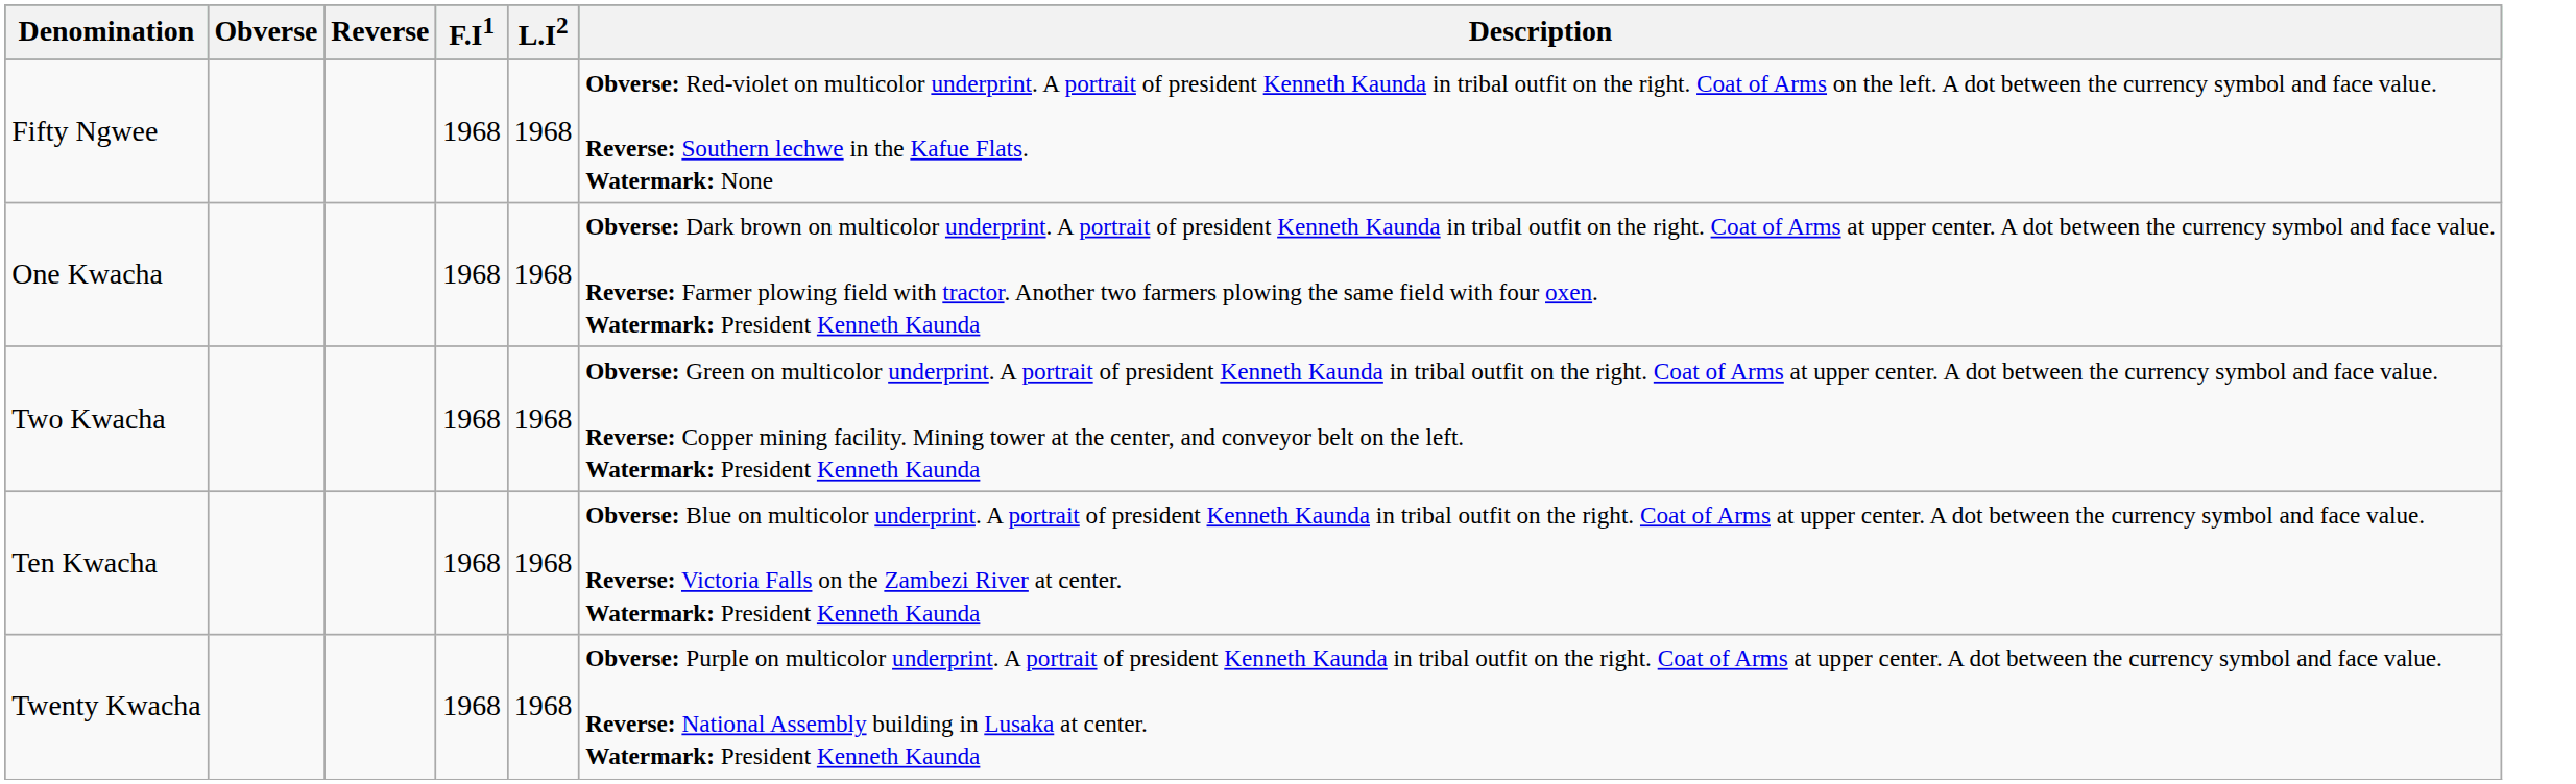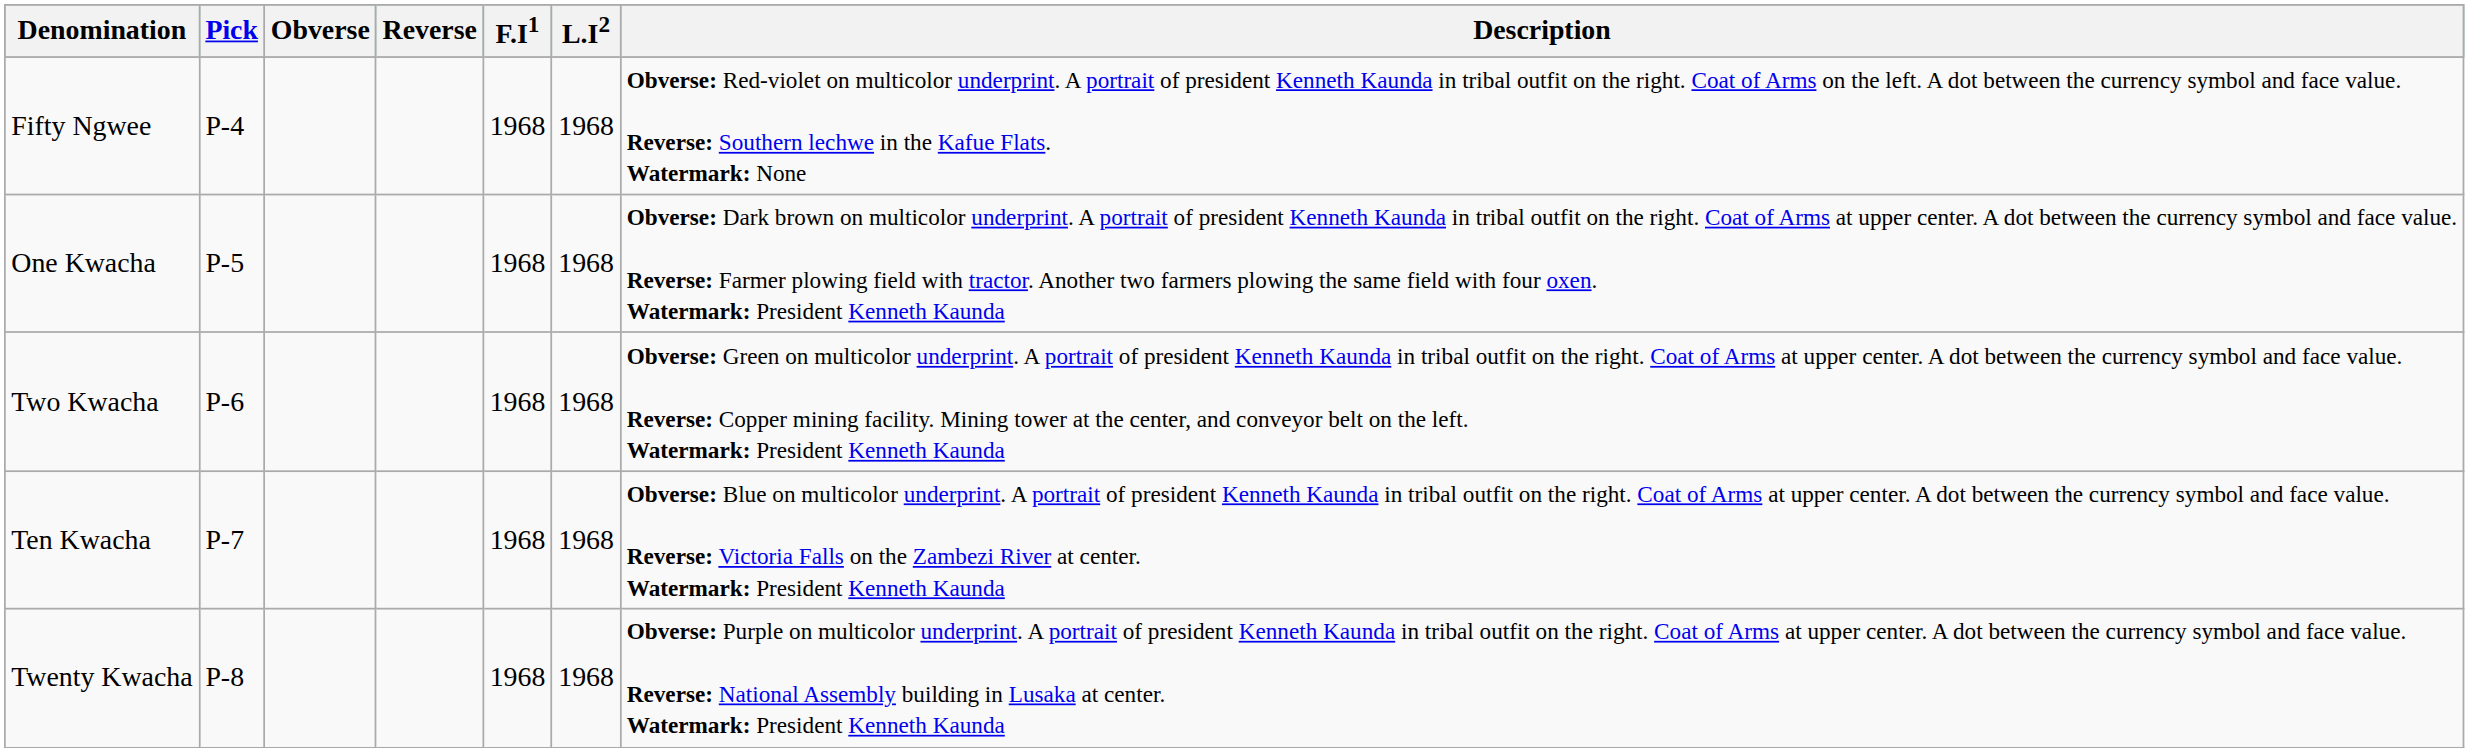 <table class="wikitable">
 <tr style="background:#2E8B57;">
 <th>Denomination</th>
+<th><a href='#'>Pick</a></th>
 <th>Obverse</th>
 <th>Reverse</th>
 <th>F.I<sup>1</sup></th>
 <th>L.I<sup>2</sup></th>
 <th>Description</th>
 </tr>
 <tr>
 <td>Fifty Ngwee</td>
+<td>P-4</td>
 <td></td>
 <td></td>
 <td>1968</td>
 <td>1968</td>
 <td><small><strong>Obverse:</strong> Red-violet on multicolor <a href='#'>underprint</a>. A <a href='#'>portrait</a> of president <a href='#'>Kenneth Kaunda</a> in tribal outfit on the right. <a href='#'>Coat of Arms</a> on the left. A dot between the currency symbol and face value.</small><br><br><small><strong>Reverse:</strong> <a href='#'>Southern lechwe</a> in the <a href='#'>Kafue Flats</a>.</small><br> <small><strong>Watermark:</strong> None</small></td>
 </tr>
 <tr>
 <td>One Kwacha</td>
+<td>P-5</td>
 <td></td>
 <td></td>
 <td>1968</td>
 <td>1968</td>
 <td><small><strong>Obverse:</strong> Dark brown on multicolor <a href='#'>underprint</a>. A <a href='#'>portrait</a> of president <a href='#'>Kenneth Kaunda</a> in tribal outfit on the right. <a href='#'>Coat of Arms</a> at upper center. A dot between the currency symbol and face value.</small><br><br><small><strong>Reverse:</strong> Farmer plowing field with <a href='#'>tractor</a>. Another two farmers plowing the same field with four <a href='#'>oxen</a>.</small><br> <small><strong>Watermark:</strong> President <a href='#'>Kenneth Kaunda</a></small></td>
 </tr>
 <tr>
 <td>Two Kwacha</td>
+<td>P-6</td>
 <td></td>
 <td></td>
 <td>1968</td>
 <td>1968</td>
 <td><small><strong>Obverse:</strong> Green on multicolor <a href='#'>underprint</a>. A <a href='#'>portrait</a> of president <a href='#'>Kenneth Kaunda</a> in tribal outfit on the right. <a href='#'>Coat of Arms</a> at upper center. A dot between the currency symbol and face value.</small><br><br><small><strong>Reverse:</strong> Copper mining facility. Mining tower at the center, and conveyor belt on the left.</small><br> <small><strong>Watermark:</strong> President <a href='#'>Kenneth Kaunda</a></small></td>
 </tr>
 <tr>
 <td>Ten Kwacha</td>
+<td>P-7</td>
 <td></td>
 <td></td>
 <td>1968</td>
 <td>1968</td>
 <td><small><strong>Obverse:</strong> Blue on multicolor <a href='#'>underprint</a>. A <a href='#'>portrait</a> of president <a href='#'>Kenneth Kaunda</a> in tribal outfit on the right. <a href='#'>Coat of Arms</a> at upper center. A dot between the currency symbol and face value.</small><br><br><small><strong>Reverse:</strong> <a href='#'>Victoria Falls</a> on the <a href='#'>Zambezi River</a> at center.</small><br> <small><strong>Watermark:</strong> President <a href='#'>Kenneth Kaunda</a></small></td>
 </tr>
 <tr>
 <td>Twenty Kwacha</td>
+<td>P-8</td>
 <td></td>
 <td></td>
 <td>1968</td>
 <td>1968</td>
 <td><small><strong>Obverse:</strong> Purple on multicolor <a href='#'>underprint</a>. A <a href='#'>portrait</a> of president <a href='#'>Kenneth Kaunda</a> in tribal outfit on the right. <a href='#'>Coat of Arms</a> at upper center. A dot between the currency symbol and face value.</small><br><br><small><strong>Reverse:</strong> <a href='#'>National Assembly</a> building in <a href='#'>Lusaka</a> at center.</small><br> <small><strong>Watermark:</strong> President <a href='#'>Kenneth Kaunda</a></small></td>
 </tr>
 </table>
